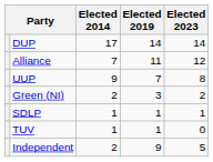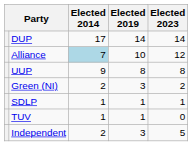 <table class="wikitable" style="font-size: 95%;">
 <tr>
 <th colspan=2>Party</th>
 <th>Elected<br>2014</th>
 <th>Elected<br>2019</th>
 <th>Elected<br>2023</th>
 </tr>
 <tr>
 <th style="background-color: "></th>
 <td><a href='#'>DUP</a></td>
 <td align="right">17</td>
 <td align="right">14</td>
 <td align="right">14</td>
 </tr>
 <tr>
 <th style="background-color: "></th>
 <td><a href='#'>Alliance</a></td>
-<td align="right">7</td>
-<td align="right">11</td>
+<td align="right" style="background: lightblue;">7</td>
+<td align="right">10</td>
 <td align="right">12</td>
 </tr>
 <tr>
 <th style="background-color: "></th>
 <td><a href='#'>UUP</a></td>
 <td align="right">9</td>
-<td align="right">7</td>
+<td align="right">8</td>
 <td align="right">8</td>
 </tr>
 <tr>
 <th style="background-color: "></th>
 <td><a href='#'>Green (NI)</a></td>
 <td align="right">2</td>
 <td align="right">3</td>
 <td align="right">2</td>
 </tr>
 <tr>
 <th style="background-color: "></th>
 <td><a href='#'>SDLP</a></td>
 <td align="right">1</td>
 <td align="right">1</td>
 <td align="right">1</td>
 </tr>
 <tr>
 <th style="background-color: "></th>
 <td><a href='#'>TUV</a></td>
 <td align="right">1</td>
 <td align="right">1</td>
 <td align="right">0</td>
 </tr>
 <tr>
 <th style="background-color: "></th>
 <td><a href='#'>Independent</a></td>
 <td align="right">2</td>
-<td align="right">9</td>
+<td align="right">3</td>
 <td align="right">5</td>
 </tr>
 </table>
